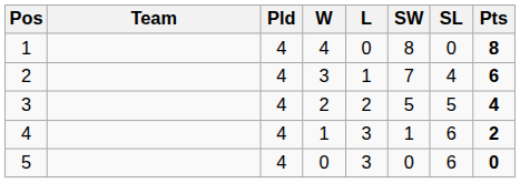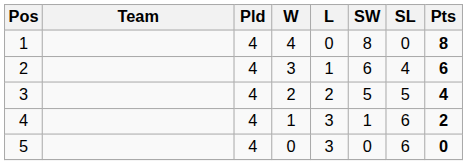 <table class="wikitable" style="text-align: center;">
 <tr>
 <th width="30">Pos</th>
 <th width="180">Team</th>
 <th width="30">Pld</th>
 <th width="30">W</th>
 <th width="30">L</th>
 <th width="30">SW</th>
 <th width="30">SL</th>
 <th width="30">Pts</th>
 </tr>
 <tr>
 <td>1</td>
 <td align="left"></td>
 <td>4</td>
 <td>4</td>
 <td>0</td>
 <td>8</td>
 <td>0</td>
 <td><strong>8</strong></td>
 </tr>
 <tr>
 <td>2</td>
 <td align="left"></td>
 <td>4</td>
 <td>3</td>
 <td>1</td>
-<td>7</td>
+<td>6</td>
 <td>4</td>
 <td><strong>6</strong></td>
 </tr>
 <tr>
 <td>3</td>
 <td align="left"></td>
 <td>4</td>
 <td>2</td>
 <td>2</td>
 <td>5</td>
 <td>5</td>
 <td><strong>4</strong></td>
 </tr>
 <tr>
 <td>4</td>
 <td align="left"></td>
 <td>4</td>
 <td>1</td>
 <td>3</td>
 <td>1</td>
 <td>6</td>
 <td><strong>2</strong></td>
 </tr>
 <tr>
 <td>5</td>
 <td align="left"></td>
 <td>4</td>
 <td>0</td>
 <td>3</td>
 <td>0</td>
 <td>6</td>
 <td><strong>0</strong></td>
 </tr>
 <tr>
 </tr>
 </table>
